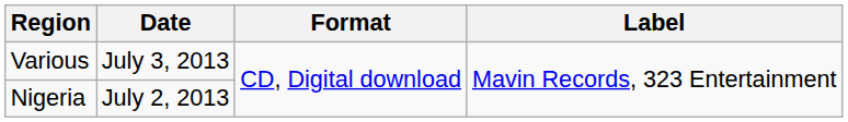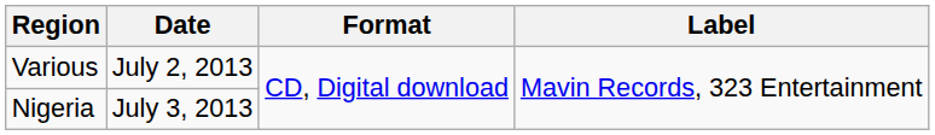 <table class="wikitable sortable">
 <tr>
 <th>Region</th>
 <th>Date</th>
 <th>Format</th>
 <th>Label</th>
 </tr>
 <tr>
 <td>Various</td>
-<td>July 3, 2013</td>
+<td>July 2, 2013</td>
 <td rowspan="2"><a href='#'>CD</a>, <a href='#'>Digital download</a></td>
 <td rowspan ="2"><a href='#'>Mavin Records</a>, 323 Entertainment</td>
 </tr>
 <tr>
 <td>Nigeria</td>
-<td>July 2, 2013</td>
+<td>July 3, 2013</td>
 </tr>
 </table>
